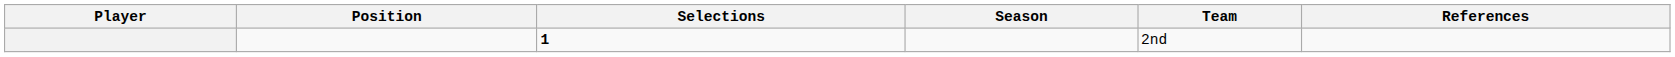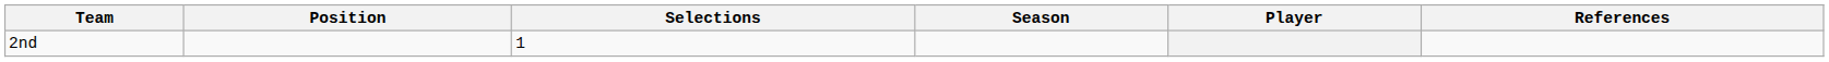 <table class="wikitable sortable" width="75%">
 <tr>
-<th scope="col">Player</th>
+<th scope="col">Team</th>
 <th scope="col">Position</th>
 <th scope="col">Selections</th>
 <th scope="col">Season</th>
-<th scope="col">Team</th>
+<th scope="col">Player</th>
 <th scope="col" class="unsortable">References</th>
 </tr>
 <tr>
+<td>2nd</td>
+<td></td>
+<td>1</td>
+<td></td>
 <th scope="row"></th>
-<td></td>
-<td><strong>1</strong></td>
-<td></td>
-<td>2nd</td>
 <td></td>
 </tr>
 </table>
